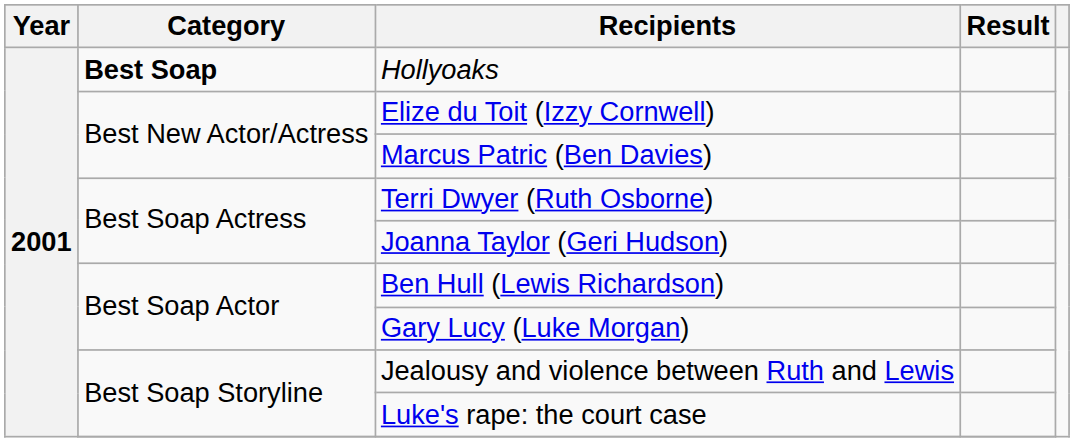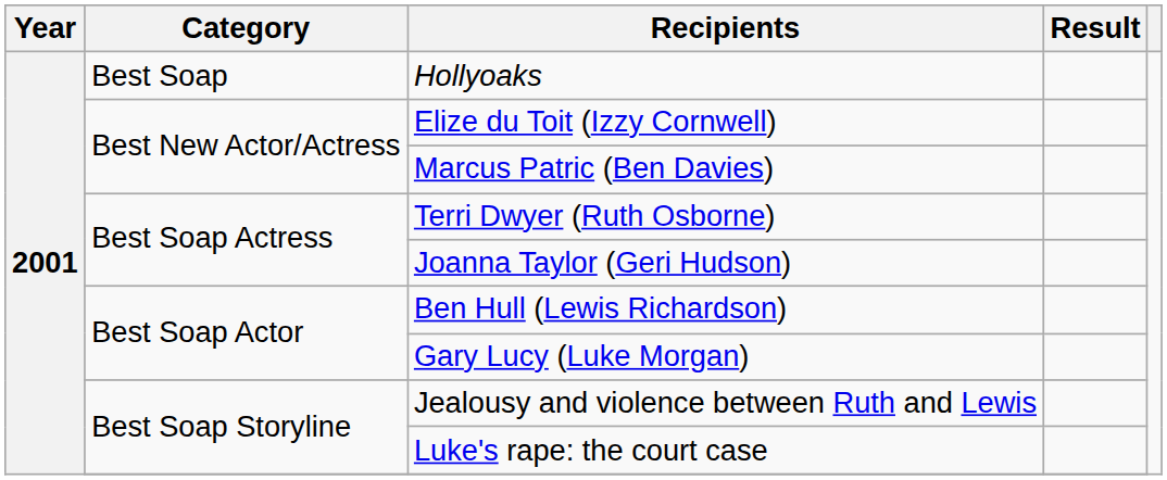 <table class="wikitable plainrowheaders sortable">
 <tr>
 <th scope="col" class="unsortable">Year</th>
 <th scope="col" class="sortable">Category</th>
 <th scope="col">Recipients</th>
 <th scope="col">Result</th>
 <th scope="col" class="unsortable"></th>
 </tr>
 <tr>
 <th scope="row" rowspan="18">2001</th>
-<td><strong>Best Soap</strong></td>
+<td>Best Soap</td>
 <td><em>Hollyoaks</em></td>
 <td></td>
 <td style="text-align:center;" rowspan="18"></td>
 </tr>
 <tr>
 <td rowspan="2">Best New Actor/Actress</td>
 <td><a href='#'>Elize du Toit</a> (<a href='#'>Izzy Cornwell</a>)</td>
 <td></td>
 </tr>
 <tr>
 <td><a href='#'>Marcus Patric</a> (<a href='#'>Ben Davies</a>)</td>
 <td></td>
 </tr>
 <tr>
 <td rowspan="2">Best Soap Actress</td>
 <td><a href='#'>Terri Dwyer</a> (<a href='#'>Ruth Osborne</a>)</td>
 <td></td>
 </tr>
 <tr>
 <td><a href='#'>Joanna Taylor</a> (<a href='#'>Geri Hudson</a>)</td>
 <td></td>
 </tr>
 <tr>
 <td rowspan="2">Best Soap Actor</td>
 <td><a href='#'>Ben Hull</a> (<a href='#'>Lewis Richardson</a>)</td>
 <td></td>
 </tr>
 <tr>
 <td><a href='#'>Gary Lucy</a> (<a href='#'>Luke Morgan</a>)</td>
 <td></td>
 </tr>
 <tr>
 <td rowspan="2">Best Soap Storyline</td>
 <td>Jealousy and violence between <a href='#'>Ruth</a> and <a href='#'>Lewis</a></td>
 <td></td>
 </tr>
 <tr>
 <td><a href='#'>Luke's</a> rape: the court case</td>
 <td></td>
 </tr>
 <tr>
 </tr>
 </table>
